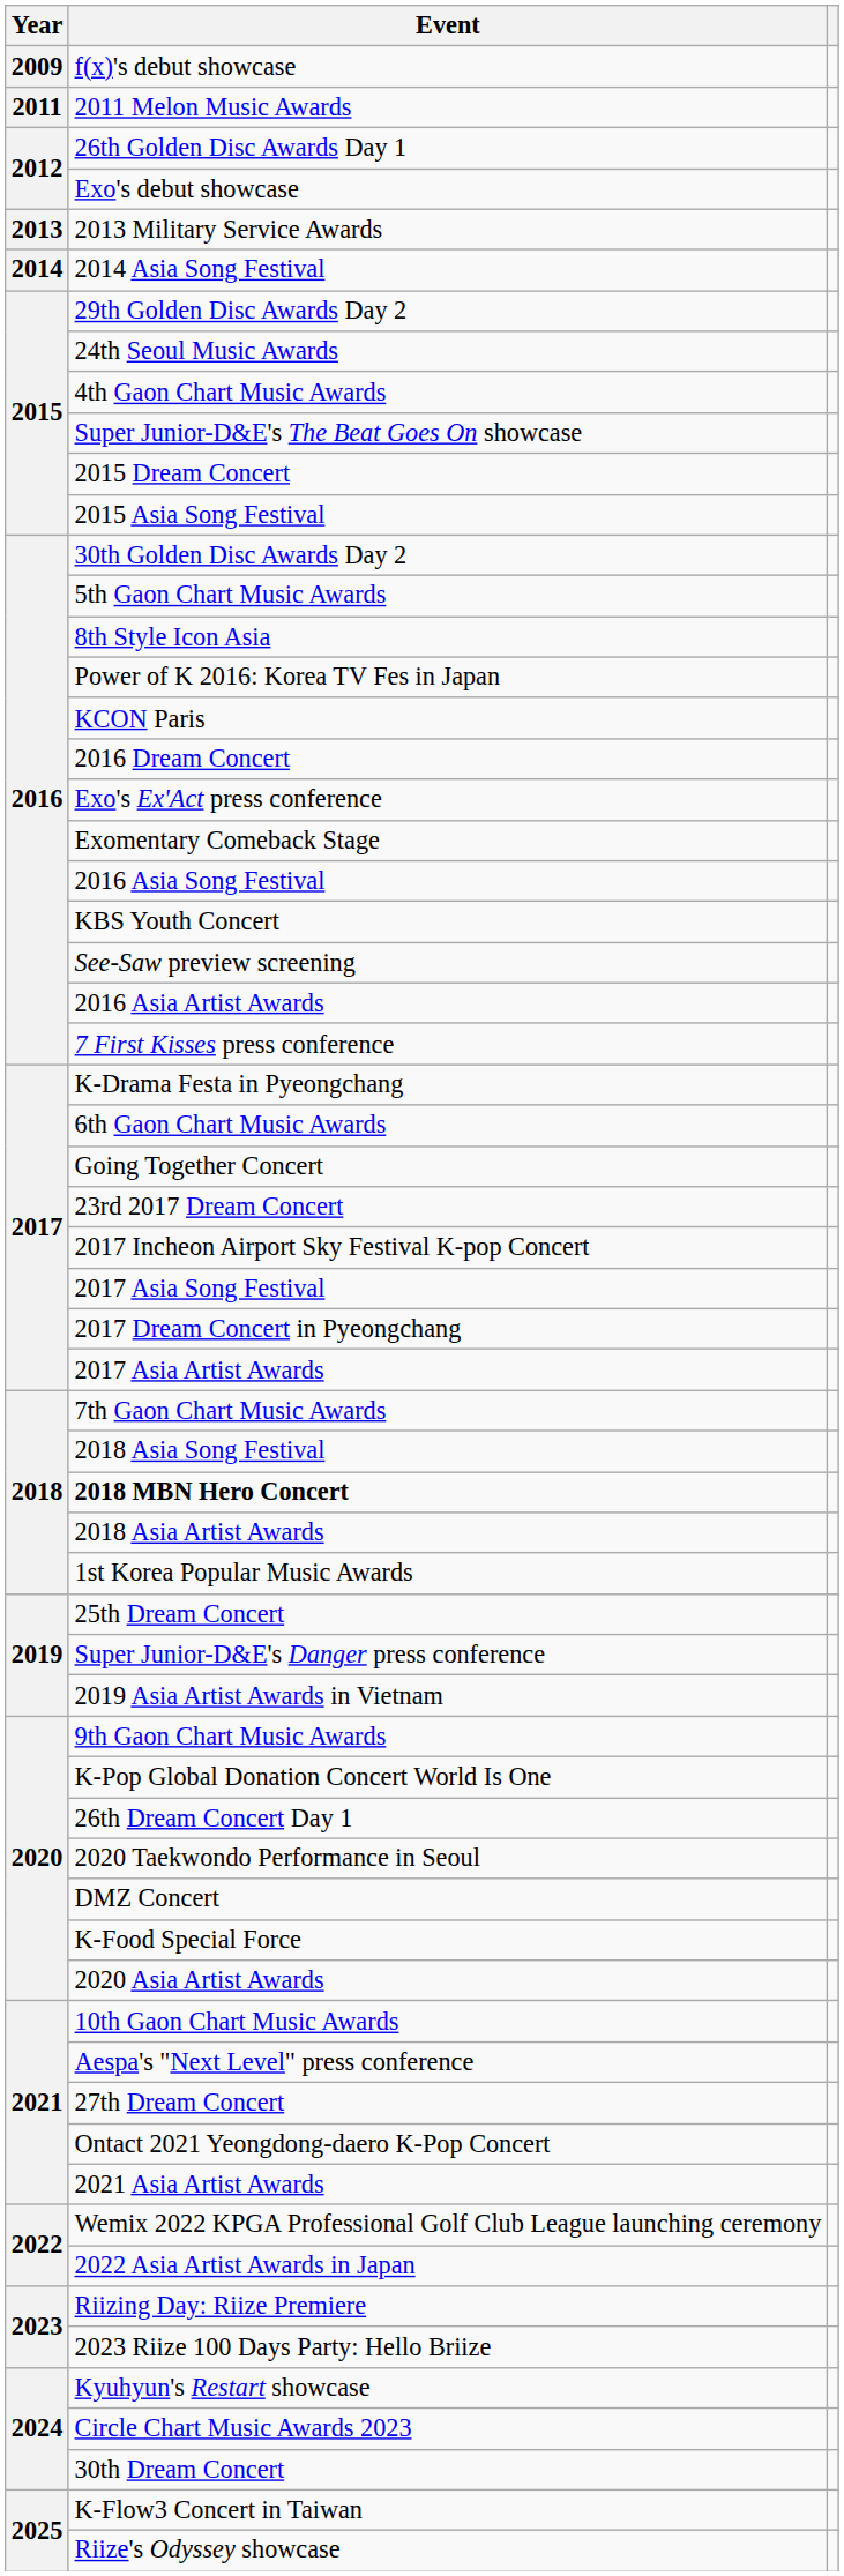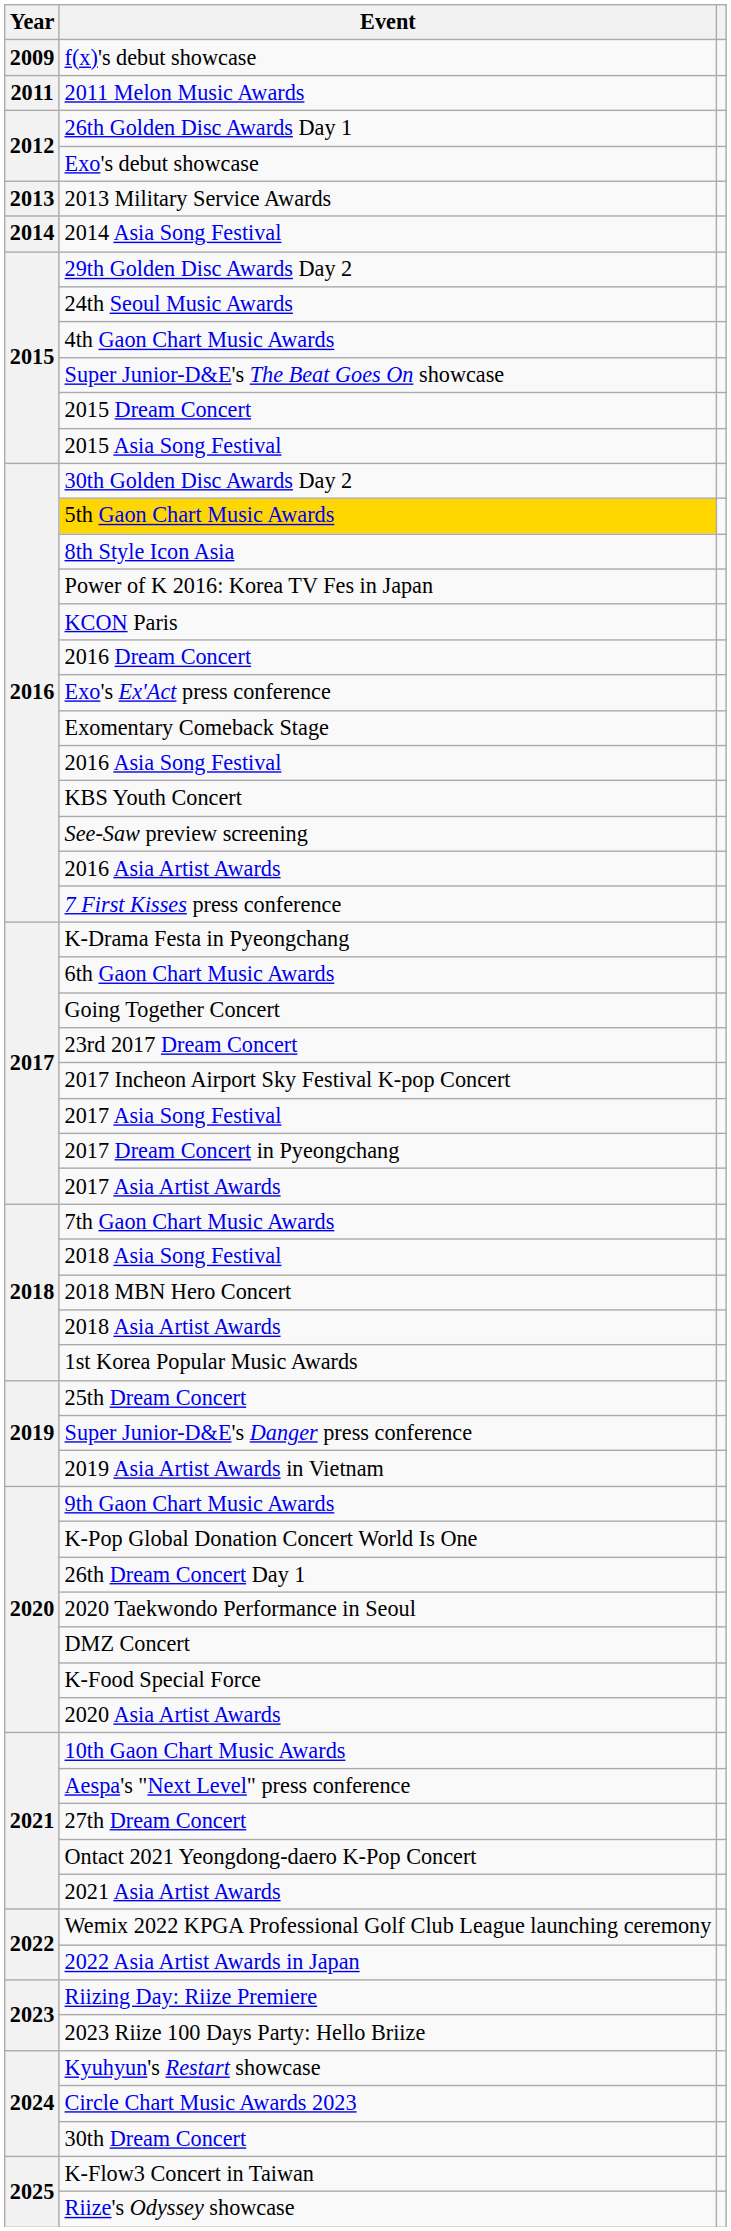 <table class="wikitable sortable">
 <tr>
 <th>Year</th>
 <th>Event</th>
 <th class="unsortable"></th>
 </tr>
 <tr>
 <th>2009</th>
 <td><a href='#'>f(x)</a>'s debut showcase</td>
 <td style="text-align:center;"></td>
 </tr>
 <tr>
 <th>2011</th>
 <td data-sort-value="Melon"><a href='#'>2011 Melon Music Awards</a></td>
 <td style="text-align:center;"></td>
 </tr>
 <tr>
 <th rowspan="2">2012</th>
 <td data-sort-value="Golden"><a href='#'>26th Golden Disc Awards</a>  Day 1</td>
 <td style="text-align:center;"></td>
 </tr>
 <tr>
 <td><a href='#'>Exo</a>'s debut showcase</td>
 <td style="text-align:center;"></td>
 </tr>
 <tr>
 <th>2013</th>
 <td data-sort-value="Military">2013 Military Service Awards</td>
 <td style="text-align:center;"></td>
 </tr>
 <tr>
 <th>2014</th>
 <td data-sort-value="Asia Song">2014 <a href='#'>Asia Song Festival</a></td>
 <td style="text-align:center;"></td>
 </tr>
 <tr>
 <th rowspan="6">2015</th>
 <td data-sort-value="Golden"><a href='#'>29th Golden Disc Awards</a>  Day 2</td>
 <td style="text-align:center;"></td>
 </tr>
 <tr>
 <td data-sort-value="Seoul">24th <a href='#'>Seoul Music Awards</a></td>
 <td style="text-align:center;"></td>
 </tr>
 <tr>
 <td data-sort-value="Gaon">4th <a href='#'>Gaon Chart Music Awards</a></td>
 <td style="text-align:center;"></td>
 </tr>
 <tr>
 <td><a href='#'>Super Junior-D&E</a>'s <em><a href='#'>The Beat Goes On</a></em> showcase</td>
 <td style="text-align:center;"></td>
 </tr>
 <tr>
 <td data-sort-value="Dream">2015 <a href='#'>Dream Concert</a></td>
 <td style="text-align:center;"></td>
 </tr>
 <tr>
 <td data-sort-value="Asia Song">2015 <a href='#'>Asia Song Festival</a></td>
 <td style="text-align:center;"></td>
 </tr>
 <tr>
 <th rowspan="13">2016</th>
 <td data-sort-value="Golden"><a href='#'>30th Golden Disc Awards</a>  Day 2</td>
 <td style="text-align:center;"></td>
 </tr>
 <tr>
-<td data-sort-value="Gaon">5th <a href='#'>Gaon Chart Music Awards</a></td>
+<td data-sort-value="Gaon" style="background: gold;">5th <a href='#'>Gaon Chart Music Awards</a></td>
 <td style="text-align:center;"></td>
 </tr>
 <tr>
 <td data-sort-value="Style"><a href='#'>8th Style Icon Asia</a></td>
 <td style="text-align:center;"></td>
 </tr>
 <tr>
 <td>Power of K 2016: Korea TV Fes in Japan</td>
 <td style="text-align:center;"></td>
 </tr>
 <tr>
 <td><a href='#'>KCON</a> Paris</td>
 <td style="text-align:center;"></td>
 </tr>
 <tr>
 <td data-sort-value="Dream">2016 <a href='#'>Dream Concert</a></td>
 <td style="text-align:center;"></td>
 </tr>
 <tr>
 <td><a href='#'>Exo</a>'s <em><a href='#'>Ex'Act</a></em> press conference</td>
 <td style="text-align:center;"></td>
 </tr>
 <tr>
 <td>Exomentary Comeback Stage</td>
 <td style="text-align:center;"></td>
 </tr>
 <tr>
 <td data-sort-value="Asia Song">2016 <a href='#'>Asia Song Festival</a></td>
 <td style="text-align:center;"></td>
 </tr>
 <tr>
 <td>KBS Youth Concert</td>
 <td style="text-align:center;"></td>
 </tr>
 <tr>
 <td><em>See-Saw</em> preview screening</td>
 <td style="text-align:center;"></td>
 </tr>
 <tr>
 <td data-sort-value="Asia Artist">2016 <a href='#'>Asia Artist Awards</a></td>
 <td style="text-align:center;"></td>
 </tr>
 <tr>
 <td><em><a href='#'>7 First Kisses</a></em> press conference</td>
 <td style="text-align:center;"></td>
 </tr>
 <tr>
 <th rowspan="8">2017</th>
 <td>K-Drama Festa in Pyeongchang</td>
 <td style="text-align:center;"></td>
 </tr>
 <tr>
 <td data-sort-value="Gaon">6th <a href='#'>Gaon Chart Music Awards</a></td>
 <td style="text-align:center;"></td>
 </tr>
 <tr>
 <td>Going Together Concert</td>
 <td style="text-align:center;"></td>
 </tr>
 <tr>
 <td data-sort-value="Dream">23rd 2017 <a href='#'>Dream Concert</a></td>
 <td style="text-align:center;"></td>
 </tr>
 <tr>
 <td data-sort-value="Incheon">2017 Incheon Airport Sky Festival K-pop Concert</td>
 <td style="text-align:center;"></td>
 </tr>
 <tr>
 <td data-sort-value="Asia Song">2017 <a href='#'>Asia Song Festival</a></td>
 <td style="text-align:center;"></td>
 </tr>
 <tr>
 <td data-sort-value="Dream">2017 <a href='#'>Dream Concert</a> in Pyeongchang</td>
 <td style="text-align:center;"></td>
 </tr>
 <tr>
 <td data-sort-value="Asia Artist">2017 <a href='#'>Asia Artist Awards</a></td>
 <td style="text-align:center;"></td>
 </tr>
 <tr>
 <th rowspan="5">2018</th>
 <td data-sort-value="Gaon">7th <a href='#'>Gaon Chart Music Awards</a></td>
 <td style="text-align:center;"></td>
 </tr>
 <tr>
 <td data-sort-value="Asia Song">2018 <a href='#'>Asia Song Festival</a></td>
 <td style="text-align:center;"></td>
 </tr>
 <tr>
-<td data-sort-value="MBN"><strong>2018 MBN Hero Concert</strong></td>
+<td data-sort-value="MBN">2018 MBN Hero Concert</td>
 <td style="text-align:center;"></td>
 </tr>
 <tr>
 <td data-sort-value="Asia Artist">2018 <a href='#'>Asia Artist Awards</a></td>
 <td style="text-align:center;"></td>
 </tr>
 <tr>
 <td data-sort-value="Korea Popular">1st Korea Popular Music Awards</td>
 <td style="text-align:center;"></td>
 </tr>
 <tr>
 <th rowspan="3">2019</th>
 <td data-sort-value="Dream">25th <a href='#'>Dream Concert</a></td>
 <td style="text-align:center;"></td>
 </tr>
 <tr>
 <td><a href='#'>Super Junior-D&E</a>'s <em><a href='#'>Danger</a></em> press conference</td>
 <td style="text-align:center;"></td>
 </tr>
 <tr>
 <td data-sort-value="Asia Artist">2019 <a href='#'>Asia Artist Awards</a> in Vietnam</td>
 <td style="text-align:center;"></td>
 </tr>
 <tr>
 <th rowspan="7">2020</th>
 <td data-sort-value="Gaon"><a href='#'>9th Gaon Chart Music Awards</a></td>
 <td style="text-align:center;"></td>
 </tr>
 <tr>
 <td>K-Pop Global Donation Concert World Is One</td>
 <td style="text-align:center;"></td>
 </tr>
 <tr>
 <td data-sort-value="Dream">26th <a href='#'>Dream Concert</a>  Day 1</td>
 <td style="text-align:center;"></td>
 </tr>
 <tr>
 <td data-sort-value="Taekwondo">2020 Taekwondo Performance in Seoul</td>
 <td style="text-align:center;"></td>
 </tr>
 <tr>
 <td>DMZ Concert</td>
 <td style="text-align:center;"></td>
 </tr>
 <tr>
 <td>K-Food Special Force</td>
 <td style="text-align:center;"></td>
 </tr>
 <tr>
 <td data-sort-value="Asia Artist">2020 <a href='#'>Asia Artist Awards</a></td>
 <td style="text-align:center;"></td>
 </tr>
 <tr>
 <th rowspan="5">2021</th>
 <td data-sort-value="Gaon"><a href='#'>10th Gaon Chart Music Awards</a></td>
 <td style="text-align:center;"></td>
 </tr>
 <tr>
 <td><a href='#'>Aespa</a>'s "<a href='#'>Next Level</a>" press conference</td>
 <td style="text-align:center;"></td>
 </tr>
 <tr>
 <td data-sort-value="Dream">27th <a href='#'>Dream Concert</a></td>
 <td style="text-align:center;"></td>
 </tr>
 <tr>
 <td>Ontact 2021 Yeongdong-daero K-Pop Concert</td>
 <td style="text-align:center;"></td>
 </tr>
 <tr>
 <td data-sort-value="Asia Artist">2021 <a href='#'>Asia Artist Awards</a></td>
 <td style="text-align:center;"></td>
 </tr>
 <tr>
 <th rowspan=2>2022</th>
 <td>Wemix 2022 KPGA Professional Golf Club League launching ceremony</td>
 <td style="text-align:center;"></td>
 </tr>
 <tr>
 <td data-sort-value="Asia Artist"><a href='#'>2022 Asia Artist Awards in Japan</a></td>
 <td style="text-align:center;"></td>
 </tr>
 <tr>
 <th rowspan="2">2023</th>
 <td><a href='#'>Riizing Day: Riize Premiere</a></td>
 <td style="text-align:center;"></td>
 </tr>
 <tr>
 <td>2023 Riize 100 Days Party: Hello Briize</td>
 <td style="text-align:center;"></td>
 </tr>
 <tr>
 <th rowspan="3">2024</th>
 <td><a href='#'>Kyuhyun</a>'s <em><a href='#'>Restart</a></em> showcase</td>
 <td style="text-align:center;"></td>
 </tr>
 <tr>
 <td><a href='#'>Circle Chart Music Awards 2023</a></td>
 <td style="text-align:center;"></td>
 </tr>
 <tr>
 <td data-sort-value="Dream">30th <a href='#'>Dream Concert</a></td>
 <td style="text-align:center;"></td>
 </tr>
 <tr>
 <th rowspan="2">2025</th>
 <td>K-Flow3 Concert in Taiwan</td>
 <td style="text-align:center;"></td>
 </tr>
 <tr>
 <td><a href='#'>Riize</a>'s <em>Odyssey</em> showcase</td>
 <td style="text-align:center;"></td>
 </tr>
 </table>
